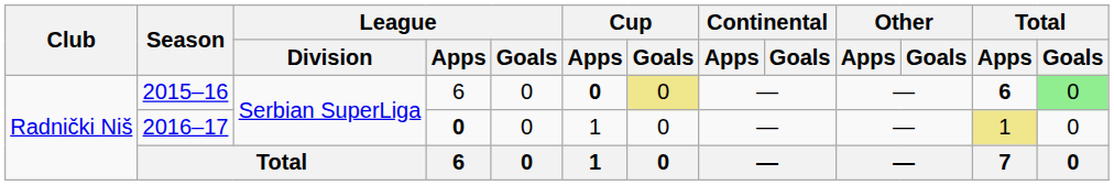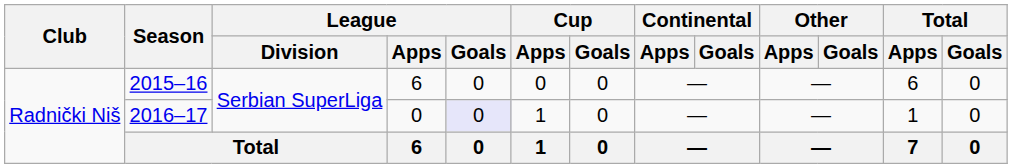 <table class="wikitable" style="text-align:center">
 <tr>
 <th rowspan="2">Club</th>
 <th rowspan="2">Season</th>
 <th colspan="3">League</th>
 <th colspan="2">Cup</th>
 <th colspan="2">Continental</th>
 <th colspan="2">Other</th>
 <th colspan="2">Total</th>
 </tr>
 <tr>
 <th>Division</th>
 <th>Apps</th>
 <th>Goals</th>
 <th>Apps</th>
 <th>Goals</th>
 <th>Apps</th>
 <th>Goals</th>
 <th>Apps</th>
 <th>Goals</th>
 <th>Apps</th>
 <th>Goals</th>
 </tr>
 <tr>
 <td rowspan="3"><a href='#'>Radnički Niš</a></td>
 <td><a href='#'>2015–16</a></td>
 <td rowspan=2><a href='#'>Serbian SuperLiga</a></td>
 <td>6</td>
 <td>0</td>
-<td><strong>0</strong></td>
-<td style="background: khaki;">0</td>
+<td>0</td>
+<td>0</td>
 <td colspan="2">—</td>
 <td colspan="2">—</td>
-<td><strong>6</strong></td>
-<td style="background: lightgreen;">0</td>
+<td>6</td>
+<td>0</td>
 </tr>
 <tr>
 <td><a href='#'>2016–17</a></td>
-<td><strong>0</strong></td>
 <td>0</td>
+<td style="background: lavender;">0</td>
 <td>1</td>
 <td>0</td>
 <td colspan="2">—</td>
 <td colspan="2">—</td>
-<td style="background: khaki;">1</td>
+<td>1</td>
 <td>0</td>
 </tr>
 <tr>
 <th colspan="2">Total</th>
 <th>6</th>
 <th>0</th>
 <th>1</th>
 <th>0</th>
 <th colspan="2">—</th>
 <th colspan="2">—</th>
 <th>7</th>
 <th>0</th>
 </tr>
 </table>
